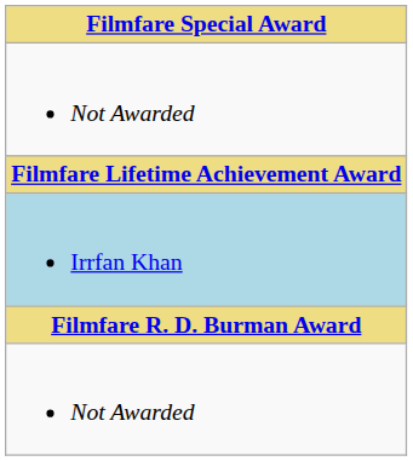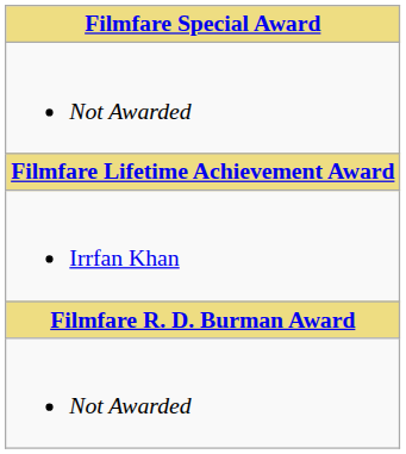 <table class="wikitable">
 <tr>
 <th style="background:#EEDD82;" colspan="2"><a href='#'>Filmfare Special Award</a></th>
 </tr>
 <tr>
 <td colspan=3><br><ul><li><em>Not Awarded</em></li></ul></td>
 </tr>
 <tr>
 <th style="background:#EEDD82;"><a href='#'>Filmfare Lifetime Achievement Award</a></th>
 </tr>
 <tr>
-<td style="background: lightblue;"><br><ul><li><a href='#'>Irrfan Khan</a></li></ul></td>
+<td><br><ul><li><a href='#'>Irrfan Khan</a></li></ul></td>
 </tr>
 <tr>
 <th style="background:#EEDD82;"><a href='#'>Filmfare R. D. Burman Award</a></th>
 </tr>
 <tr>
 <td><br><ul><li><em>Not Awarded</em></li></ul></td>
 </tr>
 </table>
